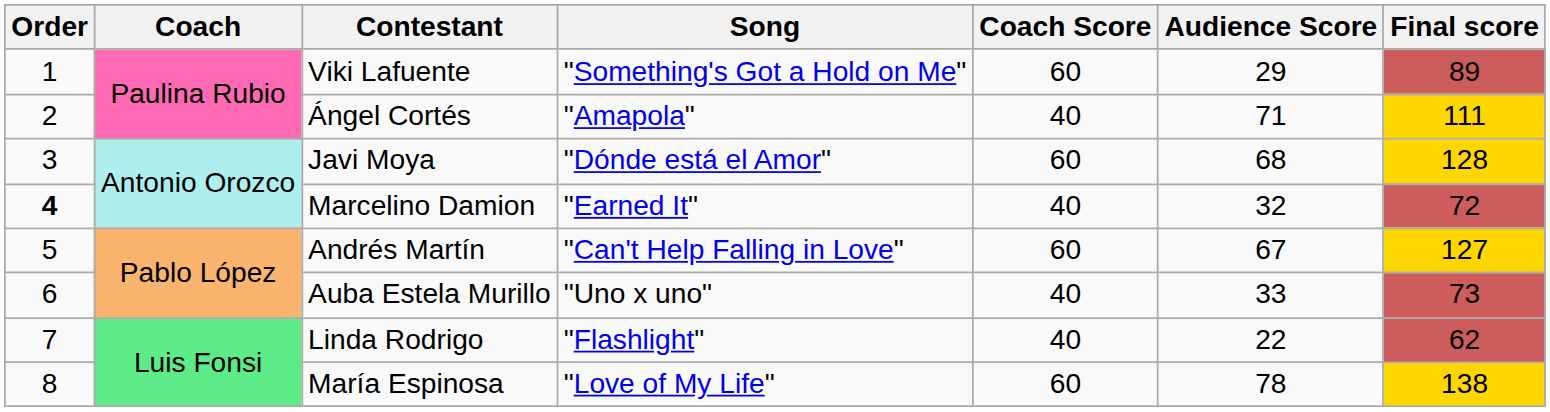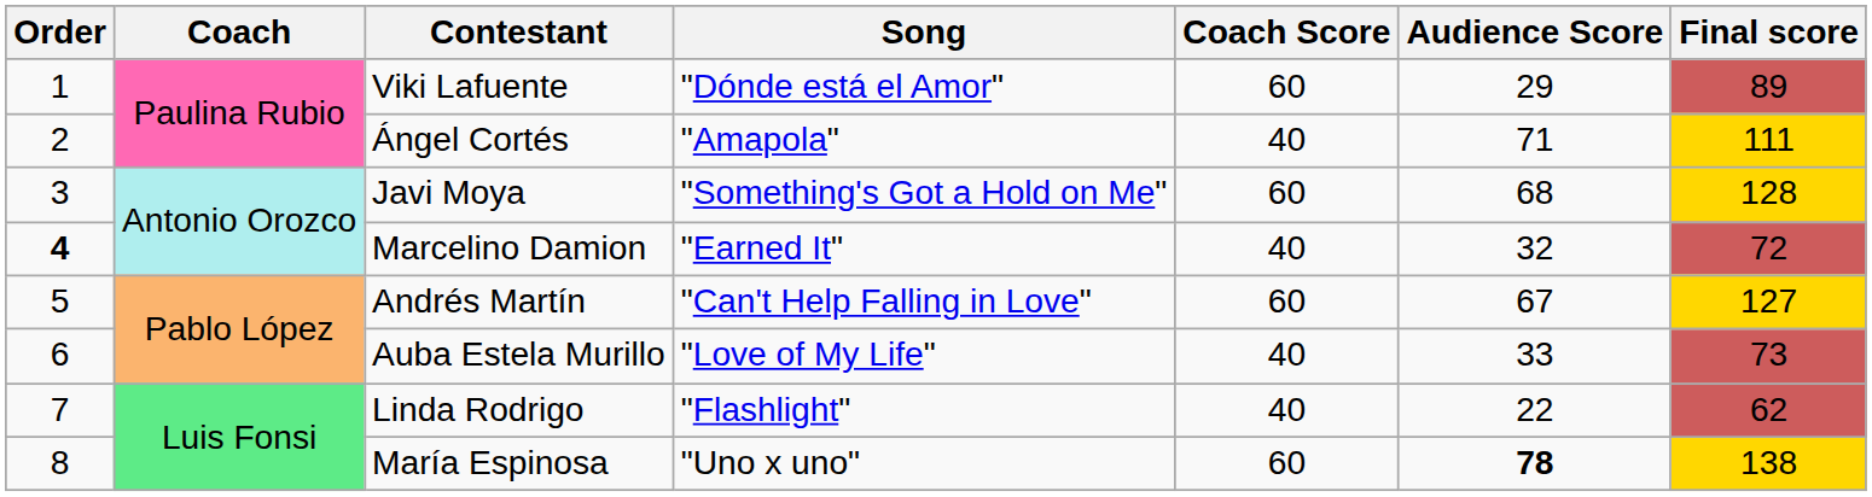 <table class=wikitable>
 <tr>
 <th>Order</th>
 <th>Coach</th>
 <th>Contestant</th>
 <th>Song</th>
 <th>Coach Score</th>
 <th>Audience Score</th>
 <th>Final score</th>
 </tr>
 <tr>
 <td align=center>1</td>
 <td rowspan=2 bgcolor=#ff69b4 align=center>Paulina Rubio</td>
 <td>Viki Lafuente</td>
-<td>"<a href='#'>Something's Got a Hold on Me</a>"</td>
+<td>"<a href='#'>Dónde está el Amor</a>"</td>
 <td align=center>60</td>
 <td align=center>29</td>
 <td bgcolor=IndianRed align=center>89</td>
 </tr>
 <tr>
 <td align=center>2</td>
 <td>Ángel Cortés</td>
 <td>"<a href='#'>Amapola</a>"</td>
 <td align=center>40</td>
 <td align=center>71</td>
 <td bgcolor=Gold align=center>111</td>
 </tr>
 <tr>
 <td align=center>3</td>
 <td rowspan=2 bgcolor=#afeeee align=center>Antonio Orozco</td>
 <td>Javi Moya</td>
-<td>"<a href='#'>Dónde está el Amor</a>"</td>
+<td>"<a href='#'>Something's Got a Hold on Me</a>"</td>
 <td align=center>60</td>
 <td align=center>68</td>
 <td bgcolor=Gold align=center>128</td>
 </tr>
 <tr>
 <td align=center><strong>4</strong></td>
 <td>Marcelino Damion</td>
 <td>"<a href='#'>Earned It</a>"</td>
 <td align=center>40</td>
 <td align=center>32</td>
 <td bgcolor=IndianRed align=center>72</td>
 </tr>
 <tr>
 <td align=center>5</td>
 <td rowspan=2 align=center bgcolor=#fbb46e>Pablo López</td>
 <td>Andrés Martín</td>
 <td>"<a href='#'>Can't Help Falling in Love</a>"</td>
 <td align=center>60</td>
 <td align=center>67</td>
 <td bgcolor=Gold align=center>127</td>
 </tr>
 <tr>
 <td align=center>6</td>
 <td>Auba Estela Murillo</td>
-<td>"Uno x uno"</td>
+<td>"<a href='#'>Love of My Life</a>"</td>
 <td align=center>40</td>
 <td align=center>33</td>
 <td bgcolor=IndianRed align=center>73</td>
 </tr>
 <tr>
 <td align=center>7</td>
 <td rowspan=2 bgcolor=#5deb87 align=center>Luis Fonsi</td>
 <td>Linda Rodrigo</td>
 <td>"<a href='#'>Flashlight</a>"</td>
 <td align=center>40</td>
 <td align=center>22</td>
 <td bgcolor=IndianRed align=center>62</td>
 </tr>
 <tr>
 <td align=center>8</td>
 <td>María Espinosa</td>
-<td>"<a href='#'>Love of My Life</a>"</td>
+<td>"Uno x uno"</td>
 <td align=center>60</td>
-<td align=center>78</td>
+<td align=center><strong>78</strong></td>
 <td bgcolor=Gold align=center>138</td>
 </tr>
 </table>
